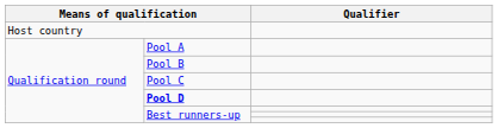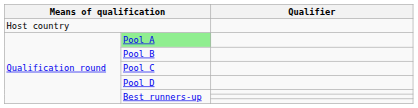 <table class="wikitable">
 <tr>
 <th colspan=2 width=30%>Means of qualification</th>
 <th width=30%>Qualifier</th>
 </tr>
 <tr>
 <td colspan=2>Host country</td>
 <td></td>
 </tr>
 <tr>
 <td rowspan=7><a href='#'>Qualification round</a></td>
-<td><a href='#'>Pool A</a></td>
+<td style="background: lightgreen;"><a href='#'>Pool A</a></td>
 <td></td>
 </tr>
 <tr>
 <td><a href='#'>Pool B</a></td>
 <td></td>
 </tr>
 <tr>
 <td><a href='#'>Pool C</a></td>
 <td></td>
 </tr>
 <tr>
-<td><strong><a href='#'>Pool D</a></strong></td>
+<td><a href='#'>Pool D</a></td>
 <td></td>
 </tr>
 <tr>
 <td rowspan=3><a href='#'>Best runners-up</a></td>
 <td></td>
 </tr>
 <tr>
 <td></td>
 </tr>
 <tr>
 <td></td>
 </tr>
 </table>
